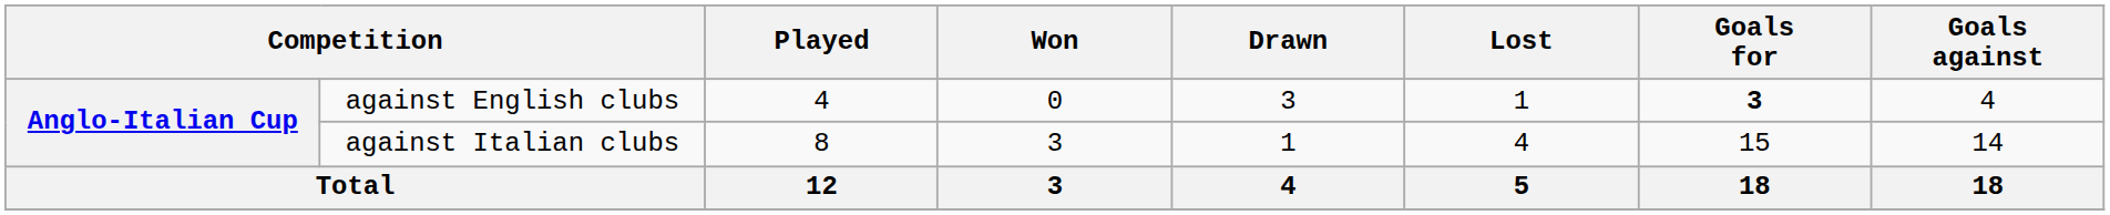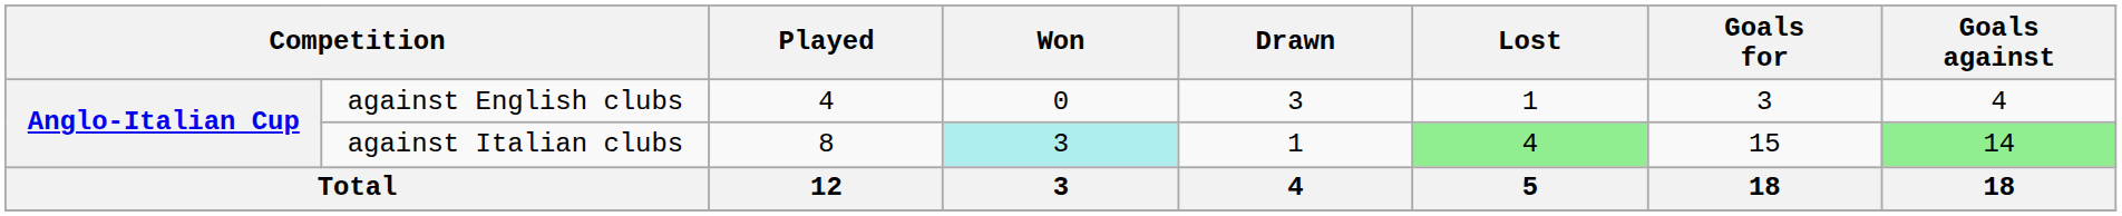 <table class="wikitable sortable plainrowheaders">
 <tr>
 <th scope=col width=30% colspan=2>Competition</th>
 <th scope=col width=10%>Played</th>
 <th scope=col width=10%>Won</th>
 <th scope=col width=10%>Drawn</th>
 <th scope=col width=10%>Lost</th>
 <th scope=col width=10%>Goals<br>for</th>
 <th scope=col width=10%>Goals<br>against</th>
 </tr>
 <tr>
 <th scope=row rowspan=2><a href='#'>Anglo-Italian Cup</a></th>
 <td scope=row align=center>against English clubs</td>
 <td align=center>4</td>
 <td align=center>0</td>
 <td align=center>3</td>
 <td align=center>1</td>
-<td align=center><strong>3</strong></td>
+<td align=center>3</td>
 <td align=center>4</td>
 </tr>
 <tr>
 <td scope=row align=center>against Italian clubs</td>
 <td align=center>8</td>
-<td align=center>3</td>
+<td align=center style="background: paleturquoise;">3</td>
 <td align=center>1</td>
-<td align=center>4</td>
+<td align=center style="background: lightgreen;">4</td>
 <td align=center>15</td>
-<td align=center>14</td>
+<td align=center style="background: lightgreen;">14</td>
 </tr>
 <tr class="sortbottom">
 <th scope=row colspan=2><strong>Total</strong></th>
 <th align=center><strong>12</strong></th>
 <th align=center><strong>3</strong></th>
 <th align=center><strong>4</strong></th>
 <th align=center><strong>5</strong></th>
 <th align=center><strong>18</strong></th>
 <th align=center><strong>18</strong></th>
 </tr>
 <tr>
 </tr>
 </table>
